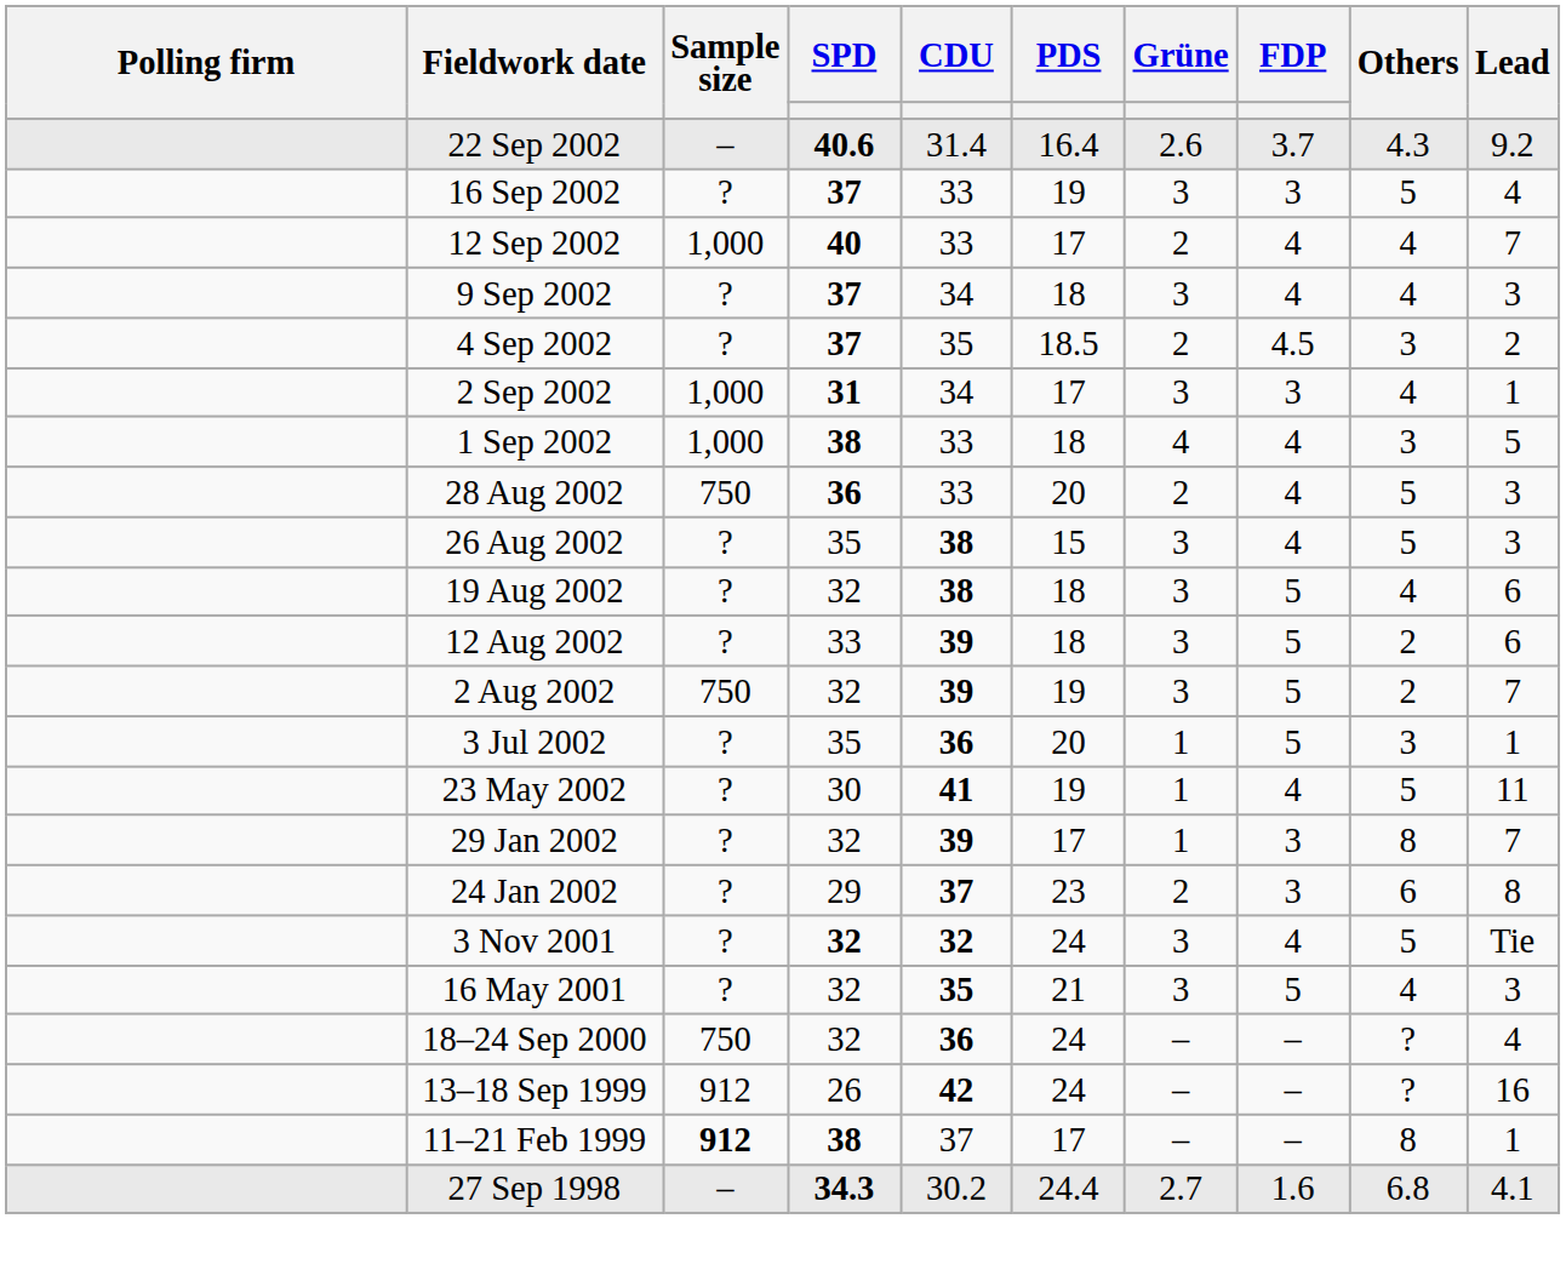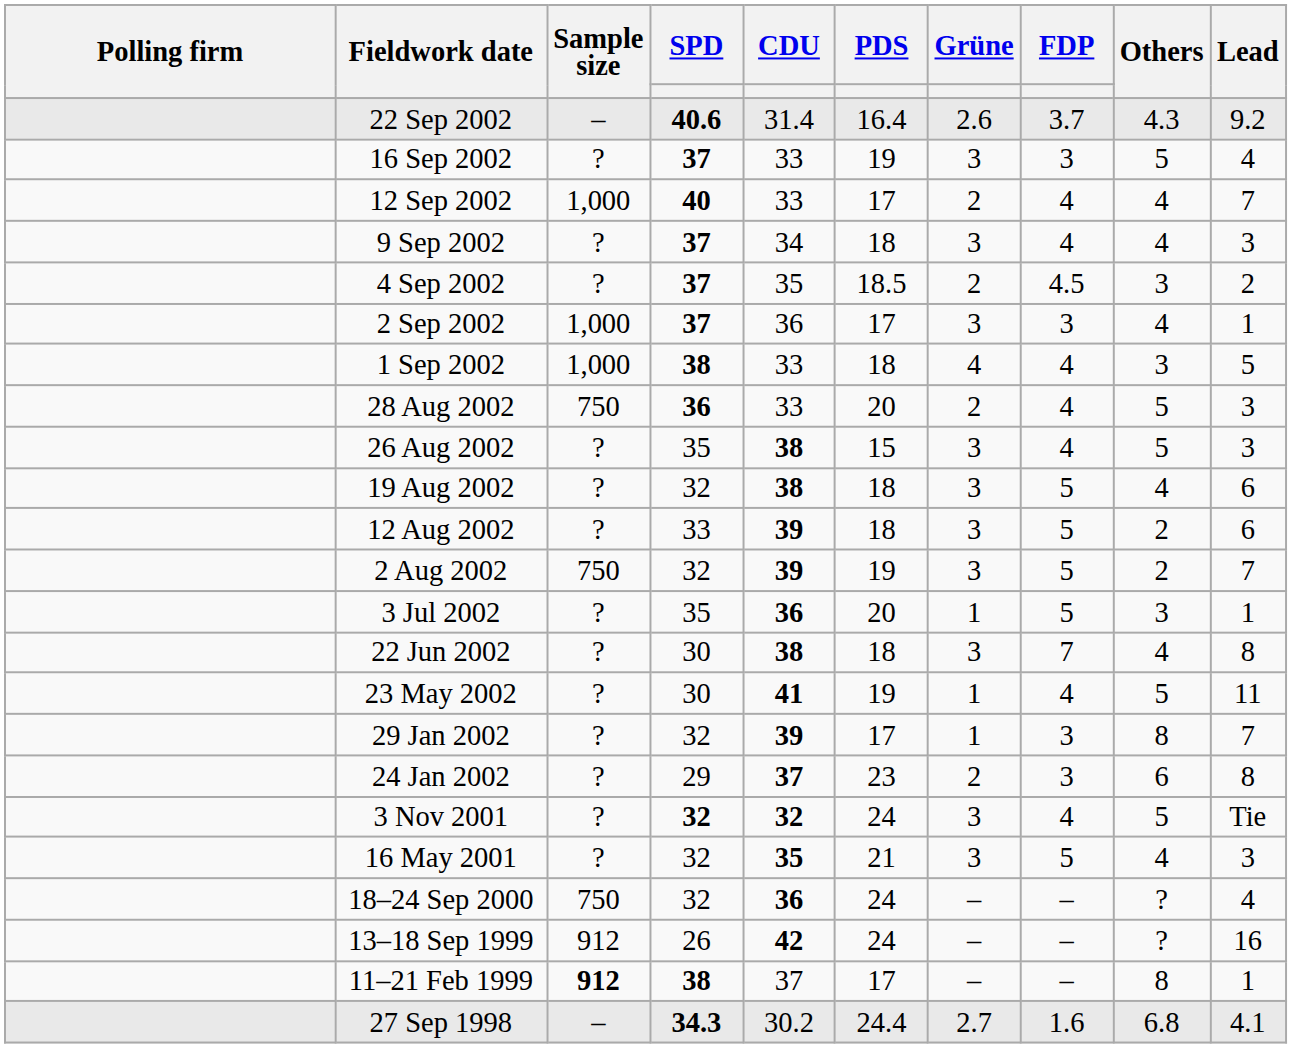 <table class="wikitable sortable" style="text-align:center;font-size:90%;line-height:14px;">
 <tr style="height:40px;">
 <th style="width:160px;" rowspan="2">Polling firm</th>
 <th style="width:100px;" rowspan="2">Fieldwork date</th>
 <th style="width:35px;" rowspan="2">Sample<br>size</th>
 <th class="unsortable" style="width:40px;"><a href='#'>SPD</a></th>
 <th class="unsortable" style="width:40px;"><a href='#'>CDU</a></th>
 <th class="unsortable" style="width:40px;"><a href='#'>PDS</a></th>
 <th class="unsortable" style="width:40px;"><a href='#'>Grüne</a></th>
 <th class="unsortable" style="width:40px;"><a href='#'>FDP</a></th>
 <th class="unsortable" style="width:40px;" rowspan="2">Others</th>
 <th style="width:30px;" rowspan="2">Lead</th>
 </tr>
 <tr>
 <th style="background:"></th>
 <th style="background:"></th>
 <th style="background:"></th>
 <th style="background:"></th>
 <th style="background:"></th>
 </tr>
 <tr style="background:#E9E9E9;">
 <td></td>
 <td data-sort-value="2002-09-22">22 Sep 2002</td>
 <td>–</td>
 <td><strong>40.6</strong></td>
 <td>31.4</td>
 <td>16.4</td>
 <td>2.6</td>
 <td>3.7</td>
 <td>4.3</td>
 <td style="background:">9.2</td>
 </tr>
 <tr>
 <td></td>
 <td data-sort-value="2002-09-16">16 Sep 2002</td>
 <td>?</td>
 <td><strong>37</strong></td>
 <td>33</td>
 <td>19</td>
 <td>3</td>
 <td>3</td>
 <td>5</td>
 <td style="background:">4</td>
 </tr>
 <tr>
 <td></td>
 <td data-sort-value="2002-09-12">12 Sep 2002</td>
 <td>1,000</td>
 <td><strong>40</strong></td>
 <td>33</td>
 <td>17</td>
 <td>2</td>
 <td>4</td>
 <td>4</td>
 <td style="background:">7</td>
 </tr>
 <tr>
 <td></td>
 <td data-sort-value="2002-09-09">9 Sep 2002</td>
 <td>?</td>
 <td><strong>37</strong></td>
 <td>34</td>
 <td>18</td>
 <td>3</td>
 <td>4</td>
 <td>4</td>
 <td style="background:">3</td>
 </tr>
 <tr>
 <td></td>
 <td data-sort-value="2002-09-04">4 Sep 2002</td>
 <td>?</td>
 <td><strong>37</strong></td>
 <td>35</td>
 <td>18.5</td>
 <td>2</td>
 <td>4.5</td>
 <td>3</td>
 <td style="background:">2</td>
 </tr>
 <tr>
 <td></td>
 <td data-sort-value="2002-09-02">2 Sep 2002</td>
 <td>1,000</td>
-<td><strong>31</strong></td>
-<td>34</td>
+<td><strong>37</strong></td>
+<td>36</td>
 <td>17</td>
 <td>3</td>
 <td>3</td>
 <td>4</td>
 <td style="background:">1</td>
 </tr>
 <tr>
 <td></td>
 <td data-sort-value="2002-09-01">1 Sep 2002</td>
 <td>1,000</td>
 <td><strong>38</strong></td>
 <td>33</td>
 <td>18</td>
 <td>4</td>
 <td>4</td>
 <td>3</td>
 <td style="background:">5</td>
 </tr>
 <tr>
 <td></td>
 <td data-sort-value="2002-08-28">28 Aug 2002</td>
 <td>750</td>
 <td><strong>36</strong></td>
 <td>33</td>
 <td>20</td>
 <td>2</td>
 <td>4</td>
 <td>5</td>
 <td style="background:">3</td>
 </tr>
 <tr>
 <td></td>
 <td data-sort-value="2002-08-26">26 Aug 2002</td>
 <td>?</td>
 <td>35</td>
 <td><strong>38</strong></td>
 <td>15</td>
 <td>3</td>
 <td>4</td>
 <td>5</td>
 <td style="background:">3</td>
 </tr>
 <tr>
 <td></td>
 <td data-sort-value="2002-08-19">19 Aug 2002</td>
 <td>?</td>
 <td>32</td>
 <td><strong>38</strong></td>
 <td>18</td>
 <td>3</td>
 <td>5</td>
 <td>4</td>
 <td style="background:">6</td>
 </tr>
 <tr>
 <td></td>
 <td data-sort-value="2002-08-12">12 Aug 2002</td>
 <td>?</td>
 <td>33</td>
 <td><strong>39</strong></td>
 <td>18</td>
 <td>3</td>
 <td>5</td>
 <td>2</td>
 <td style="background:">6</td>
 </tr>
 <tr>
 <td></td>
 <td data-sort-value="2002-08-02">2 Aug 2002</td>
 <td>750</td>
 <td>32</td>
 <td><strong>39</strong></td>
 <td>19</td>
 <td>3</td>
 <td>5</td>
 <td>2</td>
 <td style="background:">7</td>
 </tr>
 <tr>
 <td></td>
 <td data-sort-value="2002-07-03">3 Jul 2002</td>
 <td>?</td>
 <td>35</td>
 <td><strong>36</strong></td>
 <td>20</td>
 <td>1</td>
 <td>5</td>
 <td>3</td>
 <td style="background:">1</td>
+</tr>
+<tr>
+<td></td>
+<td data-sort-value="2002-06-22">22 Jun 2002</td>
+<td>?</td>
+<td>30</td>
+<td><strong>38</strong></td>
+<td>18</td>
+<td>3</td>
+<td>7</td>
+<td>4</td>
+<td style="background:">8</td>
 </tr>
 <tr>
 <td></td>
 <td data-sort-value="2002-05-23">23 May 2002</td>
 <td>?</td>
 <td>30</td>
 <td><strong>41</strong></td>
 <td>19</td>
 <td>1</td>
 <td>4</td>
 <td>5</td>
 <td style="background:">11</td>
 </tr>
 <tr>
 <td></td>
 <td data-sort-value="2002-01-29">29 Jan 2002</td>
 <td>?</td>
 <td>32</td>
 <td><strong>39</strong></td>
 <td>17</td>
 <td>1</td>
 <td>3</td>
 <td>8</td>
 <td style="background:">7</td>
 </tr>
 <tr>
 <td></td>
 <td data-sort-value="2002-01-24">24 Jan 2002</td>
 <td>?</td>
 <td>29</td>
 <td><strong>37</strong></td>
 <td>23</td>
 <td>2</td>
 <td>3</td>
 <td>6</td>
 <td style="background:">8</td>
 </tr>
 <tr>
 <td></td>
 <td data-sort-value="2001-11-03">3 Nov 2001</td>
 <td>?</td>
 <td><strong>32</strong></td>
 <td><strong>32</strong></td>
 <td>24</td>
 <td>3</td>
 <td>4</td>
 <td>5</td>
 <td data-sort-value="0">Tie</td>
 </tr>
 <tr>
 <td></td>
 <td data-sort-value="2001-05-16">16 May 2001</td>
 <td>?</td>
 <td>32</td>
 <td><strong>35</strong></td>
 <td>21</td>
 <td>3</td>
 <td>5</td>
 <td>4</td>
 <td style="background:">3</td>
 </tr>
 <tr>
 <td></td>
 <td data-sort-value="2000-09-30">18–24 Sep 2000</td>
 <td>750</td>
 <td>32</td>
 <td><strong>36</strong></td>
 <td>24</td>
 <td>–</td>
 <td>–</td>
 <td>?</td>
 <td style="background:">4</td>
 </tr>
 <tr>
 <td></td>
 <td data-sort-value="1999-09-25">13–18 Sep 1999</td>
 <td>912</td>
 <td>26</td>
 <td><strong>42</strong></td>
 <td>24</td>
 <td>–</td>
 <td>–</td>
 <td>?</td>
 <td style="background:">16</td>
 </tr>
 <tr>
 <td></td>
 <td data-sort-value="1999-02-26">11–21 Feb 1999</td>
 <td><strong>912</strong></td>
 <td><strong>38</strong></td>
 <td>37</td>
 <td>17</td>
 <td>–</td>
 <td>–</td>
 <td>8</td>
 <td style="background:">1</td>
 </tr>
 <tr style="background:#E9E9E9;">
 <td></td>
 <td data-sort-value="1998-09-27">27 Sep 1998</td>
 <td>–</td>
 <td><strong>34.3</strong></td>
 <td>30.2</td>
 <td>24.4</td>
 <td>2.7</td>
 <td>1.6</td>
 <td>6.8</td>
 <td style="background:">4.1</td>
 </tr>
 </table>
